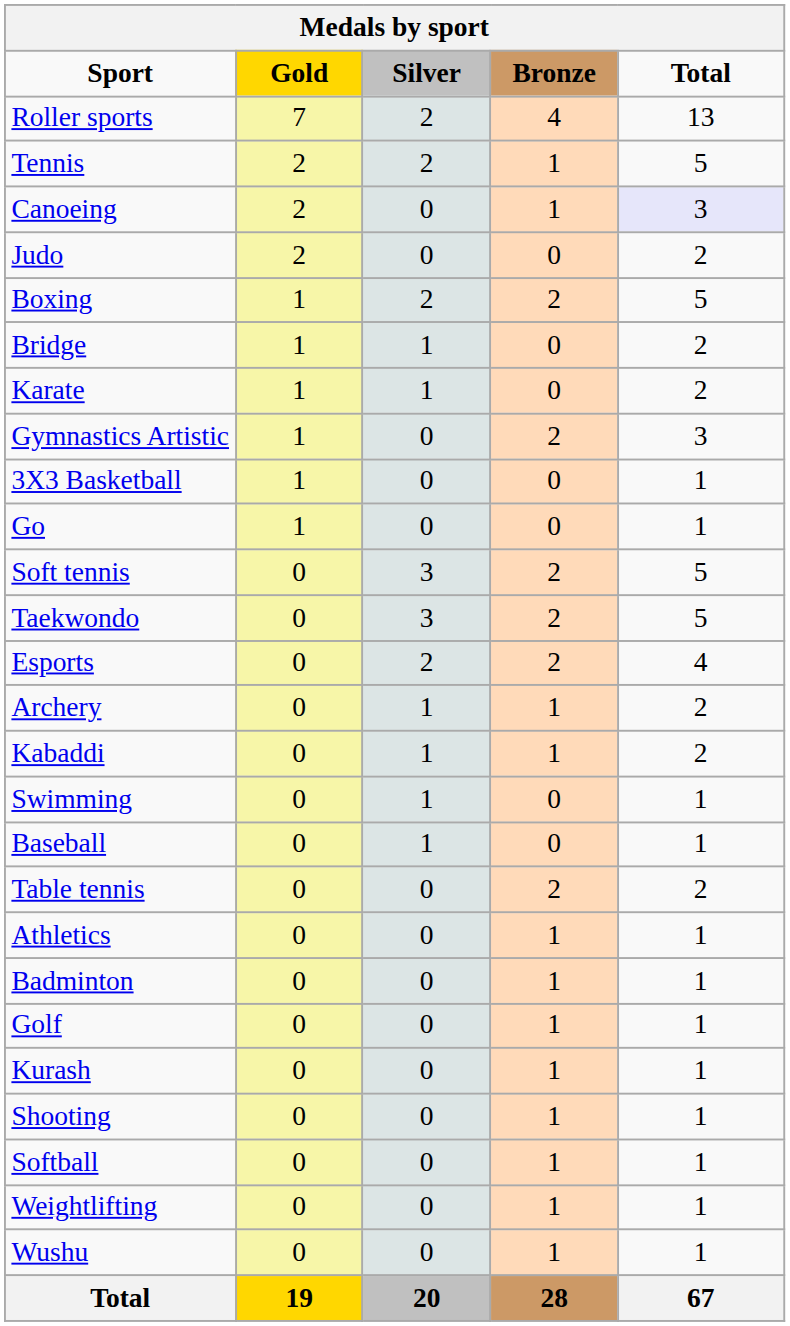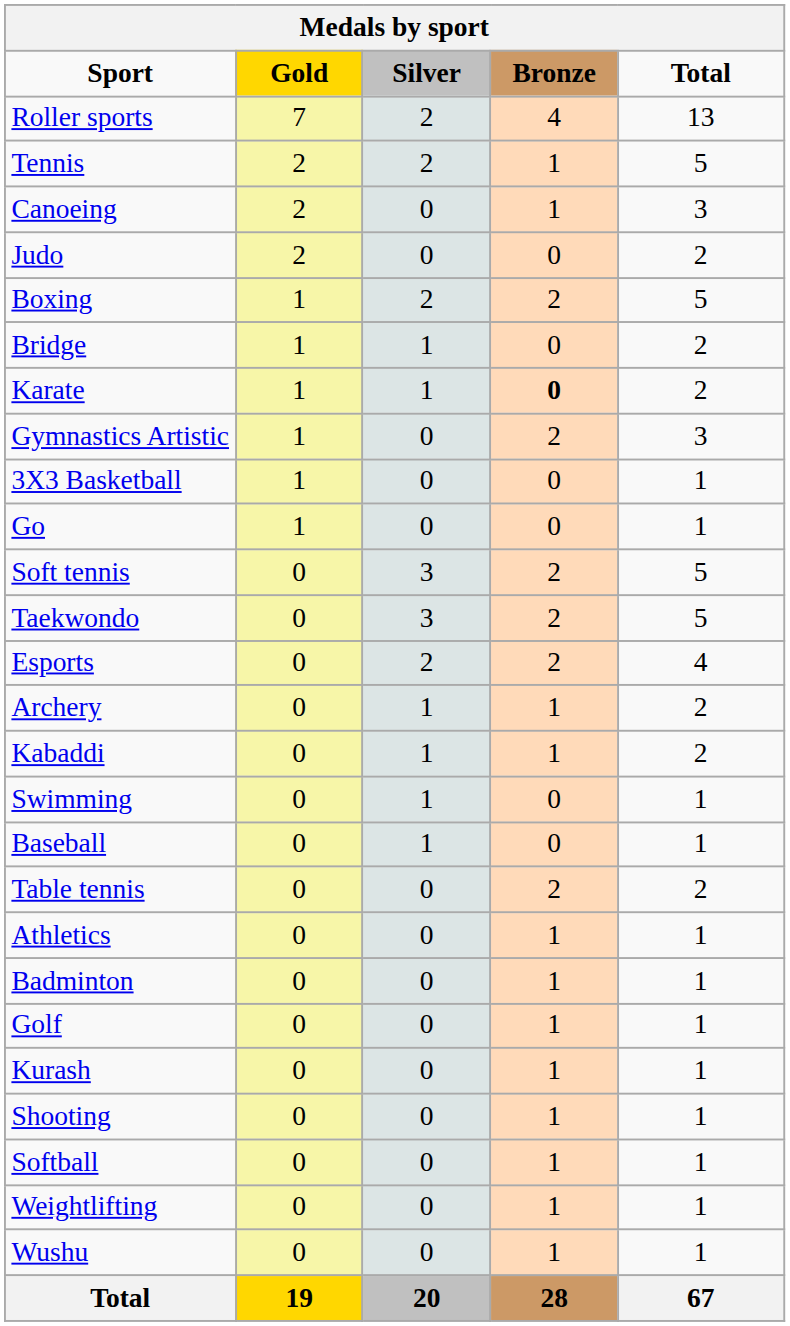 <table class = "wikitable"style = "font-size:90%; text-align:center;">
 <tr style = "background:#efefef;">
 <th colspan=  5>Medals by sport</th>
 </tr>
 <tr>
 <td><strong>Sport</strong></td>
 <td width = 60 style = "background:gold;"><strong>Gold </strong></td>
 <td width = 60 style ="background:silver;"><strong>Silver </strong></td>
 <td width = 60 style ="background:#c96;"><strong>Bronze </strong></td>
 <td width = 80><strong>Total</strong></td>
 </tr>
 <tr>
 <td align = left> <a href='#'>Roller sports</a></td>
 <td style = "background:#F7F6A8;">7</td>
 <td style = "background:#DCE5E5;">2</td>
 <td style = "background:#FFDAB9;">4</td>
 <td>13</td>
 </tr>
 <tr>
 <td align =  left> <a href='#'>Tennis</a></td>
 <td style = "background:#F7F6A8;">2</td>
 <td style = "background:#DCE5E5;">2</td>
 <td style = "background:#FFDAB9;">1</td>
 <td>5</td>
 </tr>
 <tr>
 <td align = left> <a href='#'>Canoeing</a></td>
 <td style = "background:#F7F6A8;">2</td>
 <td style = "background:#DCE5E5;">0</td>
 <td style = "background:#FFDAB9;">1</td>
-<td style="background: lavender;">3</td>
+<td>3</td>
 </tr>
 <tr>
 <td align = left> <a href='#'>Judo</a></td>
 <td style = "background:#F7F6A8;">2</td>
 <td style = "background:#DCE5E5;">0</td>
 <td style = "background:#FFDAB9;">0</td>
 <td>2</td>
 </tr>
 <tr>
 <td align = left> <a href='#'>Boxing</a></td>
 <td style = "background:#F7F6A8;">1</td>
 <td style = "background:#DCE5E5;">2</td>
 <td style = "background:#FFDAB9;">2</td>
 <td>5</td>
 </tr>
 <tr>
 <td align = left> <a href='#'>Bridge</a></td>
 <td style = "background:#F7F6A8;">1</td>
 <td style = "background:#DCE5E5;">1</td>
 <td style = "background:#FFDAB9;">0</td>
 <td>2</td>
 </tr>
 <tr>
 <td align = left> <a href='#'>Karate</a></td>
 <td style = "background:#F7F6A8;">1</td>
 <td style = "background:#DCE5E5;">1</td>
-<td style = "background:#FFDAB9;">0</td>
+<td style = "background:#FFDAB9;"><strong>0</strong></td>
 <td>2</td>
 </tr>
 <tr>
 <td align = left> <a href='#'>Gymnastics Artistic</a></td>
 <td style = "background:#F7F6A8;">1</td>
 <td style = "background:#DCE5E5;">0</td>
 <td style = "background:#FFDAB9;">2</td>
 <td>3</td>
 </tr>
 <tr>
 <td align = left> <a href='#'>3X3 Basketball</a></td>
 <td style = "background:#F7F6A8;">1</td>
 <td style = "background:#DCE5E5;">0</td>
 <td style = "background:#FFDAB9;">0</td>
 <td>1</td>
 </tr>
 <tr>
 <td align = left> <a href='#'>Go</a></td>
 <td style = "background:#F7F6A8;">1</td>
 <td style = "background:#DCE5E5;">0</td>
 <td style = "background:#FFDAB9;">0</td>
 <td>1</td>
 </tr>
 <tr>
 <td align =  left> <a href='#'>Soft tennis</a></td>
 <td style = "background:#F7F6A8;">0</td>
 <td style = "background:#DCE5E5;">3</td>
 <td style = "background:#FFDAB9;">2</td>
 <td>5</td>
 </tr>
 <tr>
 <td align = left> <a href='#'>Taekwondo</a></td>
 <td style = "background:#F7F6A8;">0</td>
 <td style = "background:#DCE5E5;">3</td>
 <td style = "background:#FFDAB9;">2</td>
 <td>5</td>
 </tr>
 <tr>
 <td align = left> <a href='#'>Esports</a></td>
 <td style = "background:#F7F6A8;">0</td>
 <td style = "background:#DCE5E5;">2</td>
 <td style = "background:#FFDAB9;">2</td>
 <td>4</td>
 </tr>
 <tr>
 <td align = left> <a href='#'>Archery</a></td>
 <td style = "background:#F7F6A8;">0</td>
 <td style = "background:#DCE5E5;">1</td>
 <td style = "background:#FFDAB9;">1</td>
 <td>2</td>
 </tr>
 <tr>
 <td align = left> <a href='#'>Kabaddi</a></td>
 <td style = "background:#F7F6A8;">0</td>
 <td style = "background:#DCE5E5;">1</td>
 <td style = "background:#FFDAB9;">1</td>
 <td>2</td>
 </tr>
 <tr>
 <td align = left> <a href='#'>Swimming</a></td>
 <td style = "background:#F7F6A8;">0</td>
 <td style = "background:#DCE5E5;">1</td>
 <td style = "background:#FFDAB9;">0</td>
 <td>1</td>
 </tr>
 <tr>
 <td align = left> <a href='#'>Baseball</a></td>
 <td style = "background:#F7F6A8;">0</td>
 <td style = "background:#DCE5E5;">1</td>
 <td style = "background:#FFDAB9;">0</td>
 <td>1</td>
 </tr>
 <tr>
 <td align = left> <a href='#'>Table tennis</a></td>
 <td style = "background:#F7F6A8;">0</td>
 <td style = "background:#DCE5E5;">0</td>
 <td style = "background:#FFDAB9;">2</td>
 <td>2</td>
 </tr>
 <tr>
 <td align = left> <a href='#'>Athletics</a></td>
 <td style = "background:#F7F6A8;">0</td>
 <td style = "background:#DCE5E5;">0</td>
 <td style = "background:#FFDAB9;">1</td>
 <td>1</td>
 </tr>
 <tr>
 <td align = left> <a href='#'>Badminton</a></td>
 <td style = "background:#F7F6A8;">0</td>
 <td style = "background:#DCE5E5;">0</td>
 <td style = "background:#FFDAB9;">1</td>
 <td>1</td>
 </tr>
 <tr>
 <td align = left> <a href='#'>Golf</a></td>
 <td style = "background:#F7F6A8;">0</td>
 <td style = "background:#DCE5E5;">0</td>
 <td style = "background:#FFDAB9;">1</td>
 <td>1</td>
 </tr>
 <tr>
 <td align = left> <a href='#'>Kurash</a></td>
 <td style = "background:#F7F6A8;">0</td>
 <td style = "background:#DCE5E5;">0</td>
 <td style = "background:#FFDAB9;">1</td>
 <td>1</td>
 </tr>
 <tr>
 <td align = left> <a href='#'>Shooting</a></td>
 <td style = "background:#F7F6A8;">0</td>
 <td style = "background:#DCE5E5;">0</td>
 <td style = "background:#FFDAB9;">1</td>
 <td>1</td>
 </tr>
 <tr>
 <td align = left> <a href='#'>Softball</a></td>
 <td style = "background:#F7F6A8;">0</td>
 <td style = "background:#DCE5E5;">0</td>
 <td style = "background:#FFDAB9;">1</td>
 <td>1</td>
 </tr>
 <tr>
 <td align = left> <a href='#'>Weightlifting</a></td>
 <td style = "background:#F7F6A8;">0</td>
 <td style = "background:#DCE5E5;">0</td>
 <td style = "background:#FFDAB9;">1</td>
 <td>1</td>
 </tr>
 <tr>
 <td align = left> <a href='#'>Wushu</a></td>
 <td style = "background:#F7F6A8;">0</td>
 <td style = "background:#DCE5E5;">0</td>
 <td style = "background:#FFDAB9;">1</td>
 <td>1</td>
 </tr>
 <tr>
 <th>Total</th>
 <th style = "background:gold;">19</th>
 <th style = "background:silver;">20</th>
 <th style = "background:#c96;">28</th>
 <th>67</th>
 </tr>
 </table>
